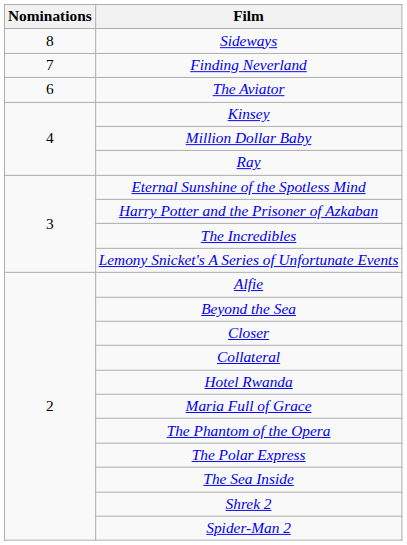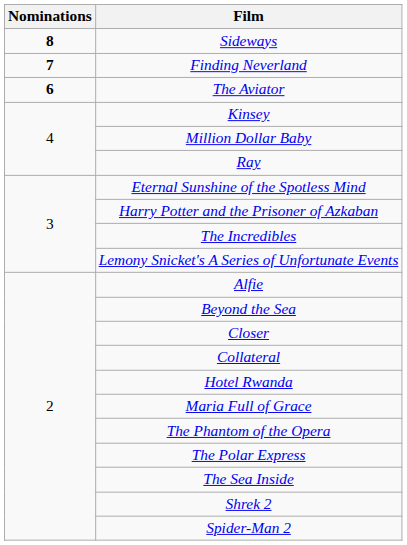 <table class="wikitable" rowspan="2" style="text-align:center;" background: #f6e39c;>
 <tr>
 <th scope="col" style="width:55px;">Nominations</th>
 <th scope="col" style="text-align:center;">Film</th>
 </tr>
 <tr>
-<td>8</td>
+<td><strong>8</strong></td>
 <td><em><a href='#'>Sideways</a></em></td>
 </tr>
 <tr>
-<td>7</td>
+<td><strong>7</strong></td>
 <td><em><a href='#'>Finding Neverland</a></em></td>
 </tr>
 <tr>
-<td>6</td>
+<td><strong>6</strong></td>
 <td><em><a href='#'>The Aviator</a></em></td>
 </tr>
 <tr>
 <td rowspan="3">4</td>
 <td><em><a href='#'>Kinsey</a></em></td>
 </tr>
 <tr>
 <td><em><a href='#'>Million Dollar Baby</a></em></td>
 </tr>
 <tr>
 <td><em><a href='#'>Ray</a></em></td>
 </tr>
 <tr>
 <td rowspan="4">3</td>
 <td><em><a href='#'>Eternal Sunshine of the Spotless Mind</a></em></td>
 </tr>
 <tr>
 <td><em><a href='#'>Harry Potter and the Prisoner of Azkaban</a></em></td>
 </tr>
 <tr>
 <td><em><a href='#'>The Incredibles</a></em></td>
 </tr>
 <tr>
 <td><em><a href='#'>Lemony Snicket's A Series of Unfortunate Events</a></em></td>
 </tr>
 <tr>
 <td rowspan="11">2</td>
 <td><em><a href='#'>Alfie</a></em></td>
 </tr>
 <tr>
 <td><em><a href='#'>Beyond the Sea</a></em></td>
 </tr>
 <tr>
 <td><em><a href='#'>Closer</a></em></td>
 </tr>
 <tr>
 <td><em><a href='#'>Collateral</a></em></td>
 </tr>
 <tr>
 <td><em><a href='#'>Hotel Rwanda</a></em></td>
 </tr>
 <tr>
 <td><em><a href='#'>Maria Full of Grace</a></em></td>
 </tr>
 <tr>
 <td><em><a href='#'>The Phantom of the Opera</a></em></td>
 </tr>
 <tr>
 <td><em><a href='#'>The Polar Express</a></em></td>
 </tr>
 <tr>
 <td><em><a href='#'>The Sea Inside</a></em></td>
 </tr>
 <tr>
 <td><em><a href='#'>Shrek 2</a></em></td>
 </tr>
 <tr>
 <td><em><a href='#'>Spider-Man 2</a></em></td>
 </tr>
 </table>
